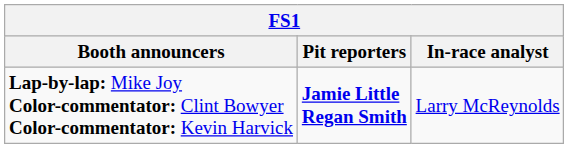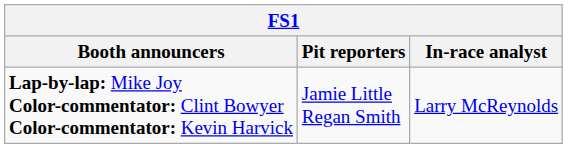 <table class="wikitable" style="font-size: 95%">
 <tr>
 <th colspan="3"><a href='#'>FS1</a></th>
 </tr>
 <tr>
 <th>Booth announcers</th>
 <th>Pit reporters</th>
 <th>In-race analyst</th>
 </tr>
 <tr>
 <td><strong>Lap-by-lap:</strong> <a href='#'>Mike Joy</a><br><strong>Color-commentator:</strong> <a href='#'>Clint Bowyer</a><br><strong>Color-commentator:</strong> <a href='#'>Kevin Harvick</a></td>
-<td><strong><a href='#'>Jamie Little</a><br><a href='#'>Regan Smith</a></strong></td>
+<td><a href='#'>Jamie Little</a><br><a href='#'>Regan Smith</a></td>
 <td><a href='#'>Larry McReynolds</a></td>
 </tr>
 </table>
